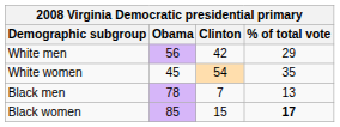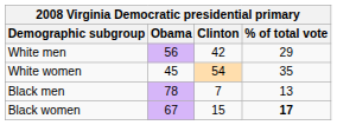 <table class="wikitable" style="text-align:center">
 <tr>
 <th colspan="4">2008 Virginia Democratic presidential primary</th>
 </tr>
 <tr>
 <th>Demographic subgroup</th>
 <th>Obama</th>
 <th>Clinton</th>
 <th>% of total vote</th>
 </tr>
 <tr>
 <td style="text-align:left;">White men</td>
 <td style="background:#d6b6f9;">56</td>
 <td>42</td>
 <td>29</td>
 </tr>
 <tr>
 <td style="text-align:left;">White women</td>
 <td>45</td>
 <td style="background:#ffdead;">54</td>
 <td>35</td>
 </tr>
 <tr>
 <td style="text-align:left;">Black men</td>
 <td style="background:#d6b6f9;">78</td>
 <td>7</td>
 <td>13</td>
 </tr>
 <tr>
 <td style="text-align:left;">Black women</td>
-<td style="background:#d6b6f9;">85</td>
+<td style="background:#d6b6f9;">67</td>
 <td>15</td>
 <td><strong>17</strong></td>
 </tr>
 </table>
